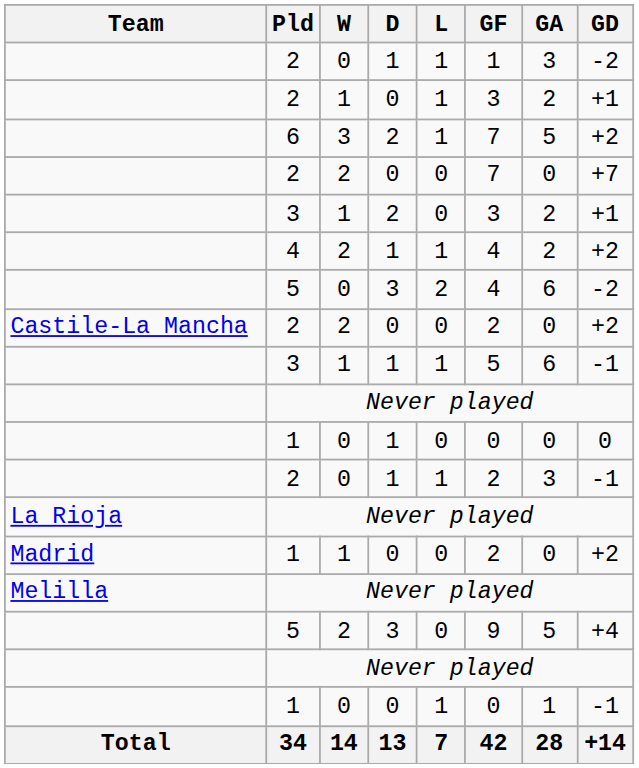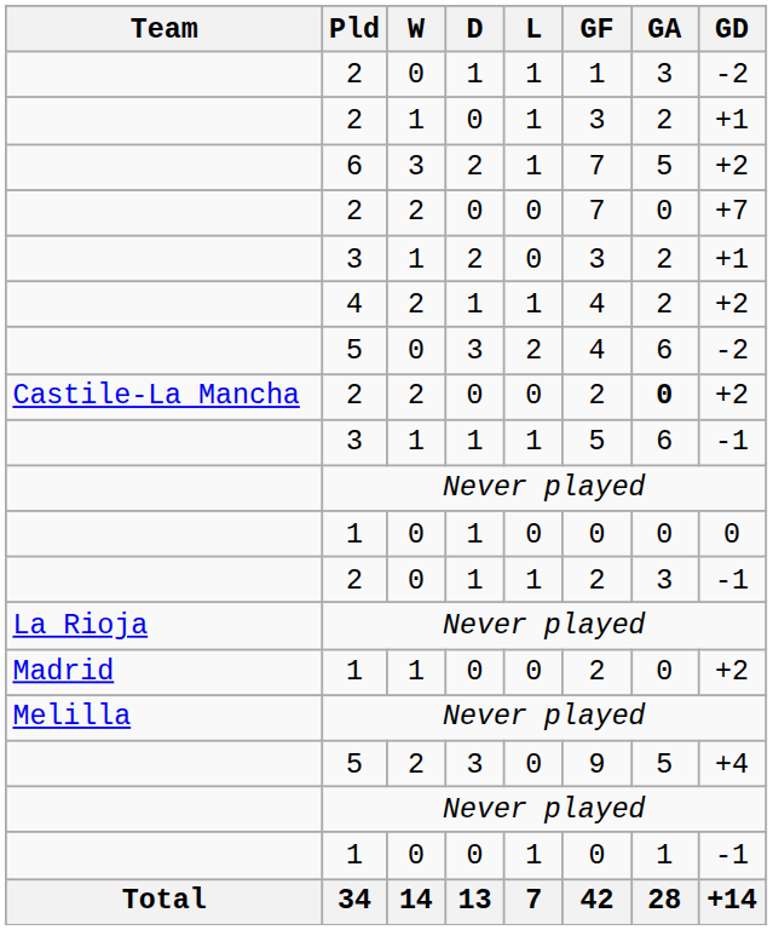 <table class="wikitable sortable collapsible collapsed" style="text-align:center">
 <tr>
 <th style="width:140px">Team</th>
 <th style="width:21px">Pld</th>
 <th style="width:21px">W</th>
 <th style="width:21px">D</th>
 <th style="width:21px">L</th>
 <th style="width:25px">GF</th>
 <th style="width:25px">GA</th>
 <th style="width:25px">GD</th>
 </tr>
 <tr>
 <td align=left></td>
 <td>2</td>
 <td>0</td>
 <td>1</td>
 <td>1</td>
 <td>1</td>
 <td>3</td>
 <td>-2</td>
 </tr>
 <tr>
 <td align=left></td>
 <td>2</td>
 <td>1</td>
 <td>0</td>
 <td>1</td>
 <td>3</td>
 <td>2</td>
 <td>+1</td>
 </tr>
 <tr>
 <td align=left></td>
 <td>6</td>
 <td>3</td>
 <td>2</td>
 <td>1</td>
 <td>7</td>
 <td>5</td>
 <td>+2</td>
 </tr>
 <tr>
 <td align=left></td>
 <td>2</td>
 <td>2</td>
 <td>0</td>
 <td>0</td>
 <td>7</td>
 <td>0</td>
 <td>+7</td>
 </tr>
 <tr>
 <td align=left></td>
 <td>3</td>
 <td>1</td>
 <td>2</td>
 <td>0</td>
 <td>3</td>
 <td>2</td>
 <td>+1</td>
 </tr>
 <tr>
 <td align=left></td>
 <td>4</td>
 <td>2</td>
 <td>1</td>
 <td>1</td>
 <td>4</td>
 <td>2</td>
 <td>+2</td>
 </tr>
 <tr>
 <td align=left></td>
 <td>5</td>
 <td>0</td>
 <td>3</td>
 <td>2</td>
 <td>4</td>
 <td>6</td>
 <td>-2</td>
 </tr>
 <tr>
 <td align=left> <a href='#'>Castile-La Mancha</a></td>
 <td>2</td>
 <td>2</td>
 <td>0</td>
 <td>0</td>
 <td>2</td>
-<td>0</td>
+<td><strong>0</strong></td>
 <td>+2</td>
 </tr>
 <tr>
 <td align=left></td>
 <td>3</td>
 <td>1</td>
 <td>1</td>
 <td>1</td>
 <td>5</td>
 <td>6</td>
 <td>-1</td>
 </tr>
 <tr>
 <td align=left></td>
 <td colspan=7><em>Never played</em></td>
 </tr>
 <tr>
 <td align=left></td>
 <td>1</td>
 <td>0</td>
 <td>1</td>
 <td>0</td>
 <td>0</td>
 <td>0</td>
 <td>0</td>
 </tr>
 <tr>
 <td align=left></td>
 <td>2</td>
 <td>0</td>
 <td>1</td>
 <td>1</td>
 <td>2</td>
 <td>3</td>
 <td>-1</td>
 </tr>
 <tr>
 <td align=left> <a href='#'>La Rioja</a></td>
 <td colspan=7><em>Never played</em></td>
 </tr>
 <tr>
 <td align=left> <a href='#'>Madrid</a></td>
 <td>1</td>
 <td>1</td>
 <td>0</td>
 <td>0</td>
 <td>2</td>
 <td>0</td>
 <td>+2</td>
 </tr>
 <tr>
 <td align=left> <a href='#'>Melilla</a></td>
 <td colspan=7><em>Never played</em></td>
 </tr>
 <tr>
 <td align=left></td>
 <td>5</td>
 <td>2</td>
 <td>3</td>
 <td>0</td>
 <td>9</td>
 <td>5</td>
 <td>+4</td>
 </tr>
 <tr>
 <td align=left></td>
 <td colspan=7><em>Never played</em></td>
 </tr>
 <tr>
 <td align=left></td>
 <td>1</td>
 <td>0</td>
 <td>0</td>
 <td>1</td>
 <td>0</td>
 <td>1</td>
 <td>-1</td>
 </tr>
 <tr>
 <th align=left>Total</th>
 <th>34</th>
 <th>14</th>
 <th>13</th>
 <th>7</th>
 <th>42</th>
 <th>28</th>
 <th>+14</th>
 </tr>
 </table>
